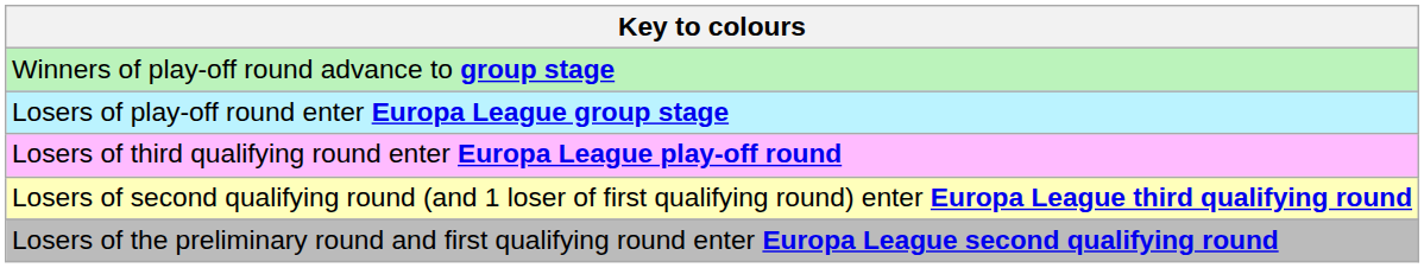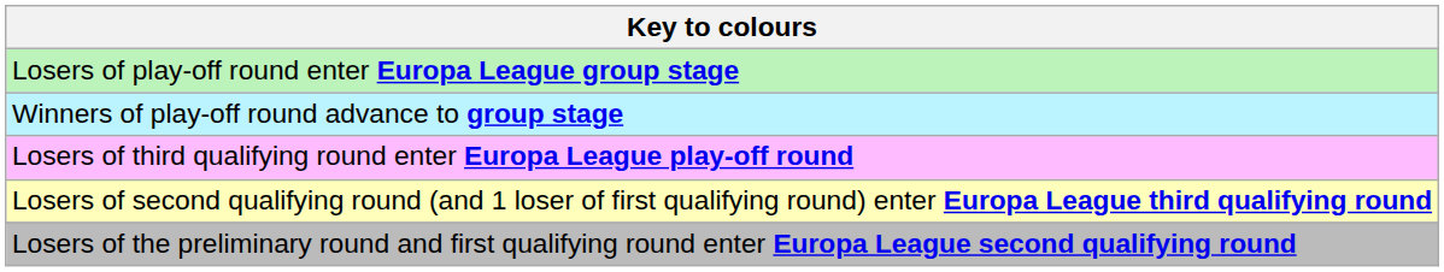 <table class="wikitable">
 <tr>
 <th>Key to colours</th>
 </tr>
 <tr bgcolor=#BBF3BB>
-<td>Winners of play-off round advance to <strong><a href='#'>group stage</a></strong></td>
+<td>Losers of play-off round enter <strong><a href='#'>Europa League group stage</a></strong></td>
 </tr>
 <tr bgcolor=#BBF3FF>
-<td>Losers of play-off round enter <strong><a href='#'>Europa League group stage</a></strong></td>
+<td>Winners of play-off round advance to <strong><a href='#'>group stage</a></strong></td>
 </tr>
 <tr bgcolor=#FFBBFF>
 <td>Losers of third qualifying round enter <strong><a href='#'>Europa League play-off round</a></strong></td>
 </tr>
 <tr bgcolor=#FFFFBB>
 <td>Losers of second qualifying round (and 1 loser of first qualifying round) enter <strong><a href='#'>Europa League third qualifying round</a></strong></td>
 </tr>
 <tr bgcolor=#BBBBBB>
 <td>Losers of the preliminary round and first qualifying round enter <strong><a href='#'>Europa League second qualifying round</a></strong></td>
 </tr>
 </table>
